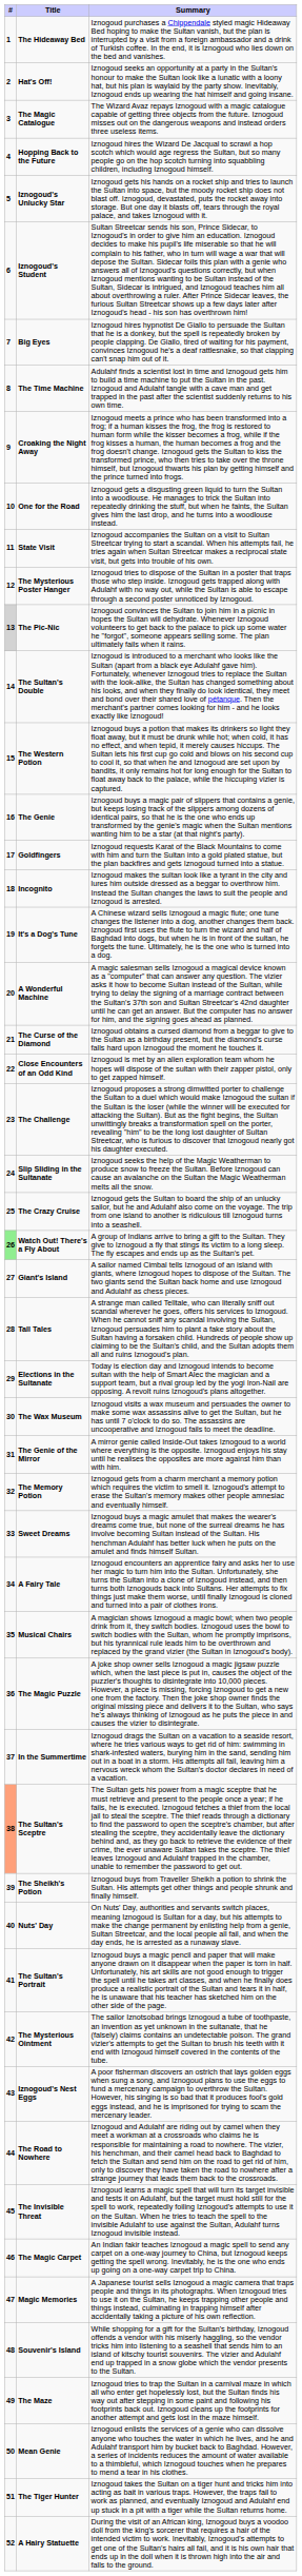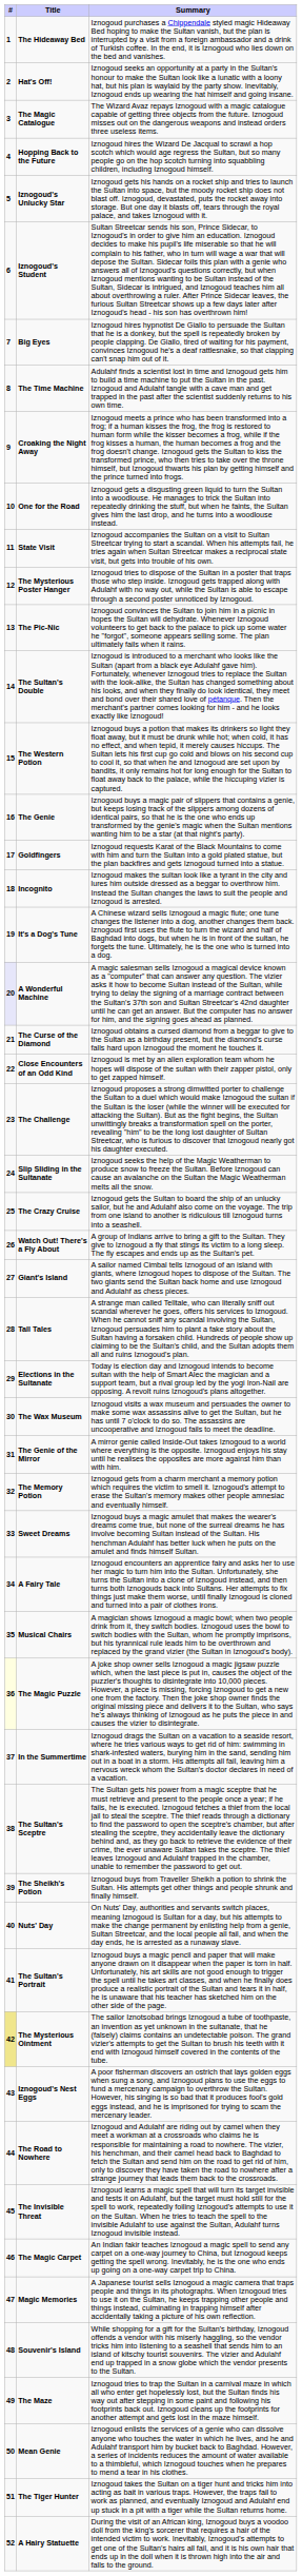 <table class="wikitable" style="width:99%;">
 <tr>
 <th style="background:#ccf; width:3%;"><strong>#</strong></th>
 <th style="background:#ccf; width:25%;"><strong>Title</strong></th>
 <th style="background:#ccf;"><strong>Summary</strong></th>
 </tr>
 <tr>
 <td><strong>1</strong></td>
 <td><strong>The Hideaway Bed</strong></td>
 <td>Iznogoud purchases a <a href='#'>Chippendale</a> styled magic Hideaway Bed hoping to make the Sultan vanish, but the plan is interrupted by a visit from a foreign ambassador and a drink of Turkish coffee. In the end, it is Iznogoud who lies down on the bed and vanishes.</td>
 </tr>
 <tr>
 <td><strong>2</strong></td>
 <td><strong>Hat's Off!</strong></td>
 <td>Iznogoud seeks an opportunity at a party in the Sultan's honour to make the Sultan look like a lunatic with a loony hat, but his plan is waylaid by the party show. Inevitably, Iznogoud ends up wearing the hat himself and going insane.</td>
 </tr>
 <tr>
 <td><strong>3</strong></td>
 <td><strong>The Magic Catalogue</strong></td>
 <td>The Wizard Avaz repays Iznogoud with a magic catalogue capable of getting three objects from the future. Iznogoud misses out on the dangerous weapons and instead orders three useless items.</td>
 </tr>
 <tr>
 <td><strong>4</strong></td>
 <td><strong>Hopping Back to the Future</strong></td>
 <td>Iznogoud hires the Wizard De Jacqual to scrawl a hop scotch which would age regress the Sultan, but so many people go on the hop scotch turning into squabbling children, including Iznogoud himself.</td>
 </tr>
 <tr>
 <td><strong>5</strong></td>
 <td><strong>Iznogoud's Unlucky Star</strong></td>
 <td>Iznogoud gets his hands on a rocket ship and tries to launch the Sultan into space, but the moody rocket ship does not blast off. Iznogoud, devastated, puts the rocket away into storage. But one day it blasts off, tears through the royal palace, and takes Iznogoud with it.</td>
 </tr>
 <tr>
 <td><strong>6</strong></td>
 <td><strong>Iznogoud's Student</strong></td>
 <td>Sultan Streetcar sends his son, Prince Sidecar, to Iznogoud's in order to give him an education. Iznogoud decides to make his pupil's life miserable so that he will complain to his father, who in turn will wage a war that will depose the Sultan. Sidecar foils this plan with a genie who answers all of Iznogoud's questions correctly, but when Iznogoud mentions wanting to be Sultan instead of the Sultan, Sidecar is intrigued, and Iznogoud teaches him all about overthrowing a ruler. After Prince Sidecar leaves, the furious Sultan Streetcar shows up a few days later after Iznogoud's head - his son has overthrown him!</td>
 </tr>
 <tr>
 <td><strong>7</strong></td>
 <td><strong>Big Eyes</strong></td>
 <td>Iznogoud hires hypnotist De Giallo to persuade the Sultan that he is a donkey, but the spell is repeatedly broken by people clapping. De Giallo, tired of waiting for his payment, convinces Iznogoud he's a deaf rattlesnake, so that clapping can't snap him out of it.</td>
 </tr>
 <tr>
 <td><strong>8</strong></td>
 <td><strong>The Time Machine</strong></td>
 <td>Adulahf finds a scientist lost in time and Iznogoud gets him to build a time machine to put the Sultan in the past. Iznogoud and Adulahf tangle with a cave man and get trapped in the past after the scientist suddenly returns to his own time.</td>
 </tr>
 <tr>
 <td><strong>9</strong></td>
 <td><strong>Croaking the Night Away</strong></td>
 <td>Iznogoud meets a prince who has been transformed into a frog; if a human kisses the frog, the frog is restored to human form while the kisser becomes a frog, while if the frog kisses a human, the human becomes a frog and the frog doesn't change. Iznogoud gets the Sultan to kiss the transformed prince, who then tries to take over the throne himself, but Iznogoud thwarts his plan by getting himself and the prince turned into frogs.</td>
 </tr>
 <tr>
 <td><strong>10</strong></td>
 <td><strong>One for the Road</strong></td>
 <td>Iznogoud gets a disgusting green liquid to turn the Sultan into a woodlouse. He manages to trick the Sultan into repeatedly drinking the stuff, but when he faints, the Sultan gives him the last drop, and he turns into a woodlouse instead.</td>
 </tr>
 <tr>
 <td><strong>11</strong></td>
 <td><strong>State Visit</strong></td>
 <td>Iznogoud accompanies the Sultan on a visit to Sultan Streetcar trying to start a scandal. When his attempts fail, he tries again when Sultan Streetcar makes a reciprocal state visit, but gets into trouble of his own.</td>
 </tr>
 <tr>
 <td><strong>12</strong></td>
 <td><strong>The Mysterious Poster Hanger</strong></td>
 <td>Iznogoud tries to dispose of the Sultan in a poster that traps those who step inside. Iznogoud gets trapped along with Adulahf with no way out, while the Sultan is able to escape through a second poster unnoticed by Iznogoud.</td>
 </tr>
 <tr>
-<td style="background: lightgrey;"><strong>13</strong></td>
+<td><strong>13</strong></td>
 <td><strong>The Pic-Nic</strong></td>
 <td>Iznogoud convinces the Sultan to join him in a picnic in hopes the Sultan will dehydrate. Whenever Iznogoud volunteers to get back to the palace to pick up some water he "forgot", someone appears selling some. The plan ultimately fails when it rains.</td>
 </tr>
 <tr>
 <td><strong>14</strong></td>
 <td><strong>The Sultan's Double</strong></td>
 <td>Iznogoud is introduced to a merchant who looks like the Sultan (apart from a black eye Adulahf gave him). Fortunately, whenever Iznogoud tries to replace the Sultan with the look-alike, the Sultan has changed something about his looks, and when they finally do look identical, they meet and bond over their shared love of <a href='#'>pétanque</a>. Then the merchant's partner comes looking for him - and he looks exactly like Iznogoud!</td>
 </tr>
 <tr>
 <td><strong>15</strong></td>
 <td><strong>The Western Potion</strong></td>
 <td>Iznogoud buys a potion that makes its drinkers so light they float away, but it must be drunk while hot; when cold, it has no effect, and when tepid, it merely causes hiccups. The Sultan lets his first cup go cold and blows on his second cup to cool it, so that when he and Iznogoud are set upon by bandits, it only remains hot for long enough for the Sultan to float away back to the palace, while the hiccuping vizier is captured.</td>
 </tr>
 <tr>
 <td><strong>16</strong></td>
 <td><strong>The Genie</strong></td>
 <td>Iznogoud buys a magic pair of slippers that contains a genie, but keeps losing track of the slippers among dozens of identical pairs, so that he is the one who ends up transformed by the genie's magic when the Sultan mentions wanting him to be a star (at that night's party).</td>
 </tr>
 <tr>
 <td><strong>17</strong></td>
 <td><strong>Goldfingers</strong></td>
 <td>Iznogoud requests Karat of the Black Mountains to come with him and turn the Sultan into a gold plated statue, but the plan backfires and gets Iznogoud turned into a statue.</td>
 </tr>
 <tr>
 <td><strong>18</strong></td>
 <td><strong>Incognito</strong></td>
 <td>Iznogoud makes the sultan look like a tyrant in the city and lures him outside dressed as a beggar to overthrow him. Instead the Sultan changes the laws to suit the people and Iznogoud is arrested.</td>
 </tr>
 <tr>
 <td><strong>19</strong></td>
 <td><strong>It's a Dog's Tune</strong></td>
 <td>A Chinese wizard sells Iznogoud a magic flute; one tune changes the listener into a dog, another changes them back. Iznogoud first uses the flute to turn the wizard and half of Baghdad into dogs, but when he is in front of the sultan, he forgets the tune. Ultimately, he is the one who is turned into a dog.</td>
 </tr>
 <tr>
-<td><strong>20</strong></td>
+<td style="background: lavender;"><strong>20</strong></td>
 <td><strong>A Wonderful Machine</strong></td>
 <td>A magic salesman sells Iznogoud a magical device known as a "computer" that can answer any question. The vizier asks it how to become Sultan instead of the Sultan, while trying to delay the signing of a marriage contract between the Sultan's 37th son and Sultan Streetcar's 42nd daughter until he can get an answer. But the computer has no answer for him, and the signing goes ahead as planned.</td>
 </tr>
 <tr>
 <td><strong>21</strong></td>
 <td><strong>The Curse of the Diamond</strong></td>
 <td>Iznogoud obtains a cursed diamond from a beggar to give to the Sultan as a birthday present, but the diamond's curse falls hard upon Iznogoud the moment he touches it.</td>
 </tr>
 <tr>
 <td><strong>22</strong></td>
 <td><strong>Close Encounters of an Odd Kind</strong></td>
 <td>Iznogoud is met by an alien exploration team whom he hopes will dispose of the sultan with their zapper pistol, only to get zapped himself.</td>
 </tr>
 <tr>
 <td><strong>23</strong></td>
 <td><strong>The Challenge</strong></td>
 <td>Iznogoud proposes a strong dimwitted porter to challenge the Sultan to a duel which would make Iznogoud the sultan if the Sultan is the loser (while the winner will be executed for attacking the Sultan). But as the fight begins, the Sultan unwittingly breaks a transformation spell on the porter, revealing "him" to be the long lost daughter of Sultan Streetcar, who is furious to discover that Iznogoud nearly got his daughter executed.</td>
 </tr>
 <tr>
 <td><strong>24</strong></td>
 <td><strong>Slip Sliding in the Sultanate</strong></td>
 <td>Iznogoud seeks the help of the Magic Weatherman to produce snow to freeze the Sultan. Before Iznogoud can cause an avalanche on the Sultan the Magic Weatherman melts all the snow.</td>
 </tr>
 <tr>
 <td><strong>25</strong></td>
 <td><strong>The Crazy Cruise</strong></td>
 <td>Iznogoud gets the Sultan to board the ship of an unlucky sailor, but he and Adulahf also come on the voyage. The trip from one island to another is ridiculous till Iznogoud turns into a seashell.</td>
 </tr>
 <tr>
-<td style="background: lightgreen;"><strong>26</strong></td>
+<td><strong>26</strong></td>
 <td><strong>Watch Out! There's a Fly About</strong></td>
 <td>A group of Indians arrive to bring a gift to the Sultan. They give to Iznogoud a fly that stings its victim to a long sleep. The fly escapes and ends up as the Sultan's pet.</td>
 </tr>
 <tr>
 <td><strong>27</strong></td>
 <td><strong>Giant's Island</strong></td>
 <td>A sailor named Cimbal tells Iznogoud of an island with giants, where Iznogoud hopes to dispose of the Sultan. The two giants send the Sultan back home and use Iznogoud and Adulahf as chess pieces.</td>
 </tr>
 <tr>
 <td><strong>28</strong></td>
 <td><strong>Tall Tales</strong></td>
 <td>A strange man called Telltale, who can literally sniff out scandal wherever he goes, offers his services to Iznogoud. When he cannot sniff any scandal involving the Sultan, Iznogoud persuades him to plant a fake story about the Sultan having a forsaken child. Hundreds of people show up claiming to be the Sultan's child, and the Sultan adopts them all and ruins Iznogoud's plan.</td>
 </tr>
 <tr>
 <td><strong>29</strong></td>
 <td><strong>Elections in the Sultanate</strong></td>
 <td>Today is election day and Iznogoud intends to become sultan with the help of Smart Alec the magician and a support team, but a rival group led by the yogi Iron-Nail are opposing. A revolt ruins Iznogoud's plans altogether.</td>
 </tr>
 <tr>
 <td><strong>30</strong></td>
 <td><strong>The Wax Museum</strong></td>
 <td>Iznogoud visits a wax museum and persuades the owner to make some wax assassins alive to get the Sultan, but he has until 7 o'clock to do so. The assassins are uncooperative and Iznogoud fails to meet the deadline.</td>
 </tr>
 <tr>
 <td><strong>31</strong></td>
 <td><strong>The Genie of the Mirror</strong></td>
 <td>A mirror genie called Inside-Out takes Iznogoud to a world where everything is the opposite. Iznogoud enjoys his stay until he realises the opposites are more against him than with him.</td>
 </tr>
 <tr>
 <td><strong>32</strong></td>
 <td><strong>The Memory Potion</strong></td>
 <td>Iznogoud gets from a charm merchant a memory potion which requires the victim to smell it. Iznogoud's attempt to erase the Sultan's memory makes other people amnesiac and eventually himself.</td>
 </tr>
 <tr>
 <td><strong>33</strong></td>
 <td><strong>Sweet Dreams</strong></td>
 <td>Iznogoud buys a magic amulet that makes the wearer's dreams come true, but none of the surreal dreams he has involve becoming Sultan instead of the Sultan. His henchman Adulahf has better luck when he puts on the amulet and finds himself Sultan.</td>
 </tr>
 <tr>
 <td><strong>34</strong></td>
 <td><strong>A Fairy Tale</strong></td>
 <td>Iznogoud encounters an apprentice fairy and asks her to use her magic to turn him into the Sultan. Unfortunately, she turns the Sultan into a clone of Iznogoud instead, and then turns both Iznogouds back into Sultans. Her attempts to fix things just make them worse, until finally Iznogoud is cloned and turned into a pair of clothes irons.</td>
 </tr>
 <tr>
 <td><strong>35</strong></td>
 <td><strong>Musical Chairs</strong></td>
 <td>A magician shows Iznogoud a magic bowl; when two people drink from it, they switch bodies. Iznogoud uses the bowl to switch bodies with the Sultan, whom he promptly imprisons, but his tyrannical rule leads him to be overthrown and replaced by the grand vizier (the Sultan in Iznogoud's body).</td>
 </tr>
 <tr>
-<td><strong>36</strong></td>
+<td style="background: lightyellow;"><strong>36</strong></td>
 <td><strong>The Magic Puzzle</strong></td>
 <td>A joke shop owner sells Iznogoud a magic jigsaw puzzle which, when the last piece is put in, causes the object of the puzzler's thoughts to disintegrate into 10,000 pieces. However, a piece is missing, forcing Iznogoud to get a new one from the factory. Then the joke shop owner finds the original missing piece and delivers it to the Sultan, who says he's always thinking of Iznogoud as he puts the piece in and causes the vizier to disintegrate.</td>
 </tr>
 <tr>
 <td><strong>37</strong></td>
 <td><strong>In the Summertime</strong></td>
 <td>Iznogoud drags the Sultan on a vacation to a seaside resort, where he tries various ways to get rid of him: swimming in shark-infested waters, burying him in the sand, sending him out in a boat in a storm. His attempts all fail, leaving him a nervous wreck whom the Sultan's doctor declares in need of a vacation.</td>
 </tr>
 <tr>
-<td style="background: lightsalmon;"><strong>38</strong></td>
+<td><strong>38</strong></td>
 <td><strong>The Sultan's Sceptre</strong></td>
 <td>The Sultan gets his power from a magic sceptre that he must retrieve and present to the people once a year; if he fails, he is executed. Iznogoud fetches a thief from the local jail to steal the sceptre. The thief reads through a dictionary to find the password to open the sceptre's chamber, but after stealing the sceptre, they accidentally leave the dictionary behind and, as they go back to retrieve the evidence of their crime, the ever unaware Sultan takes the sceptre. The thief leaves Iznogoud and Adulahf trapped in the chamber, unable to remember the password to get out.</td>
 </tr>
 <tr>
 <td><strong>39</strong></td>
 <td><strong>The Sheikh's Potion</strong></td>
 <td>Iznogoud buys from Traveller Sheikh a potion to shrink the Sultan. His attempts get other things and people shrunk and finally himself.</td>
 </tr>
 <tr>
 <td><strong>40</strong></td>
 <td><strong>Nuts' Day</strong></td>
 <td>On Nuts' Day, authorities and servants switch places, meaning Iznogoud is Sultan for a day, but his attempts to make the change permanent by enlisting help from a genie, Sultan Streetcar, and the local people all fail, and when the day ends, he is arrested as a runaway slave.</td>
 </tr>
 <tr>
 <td><strong>41</strong></td>
 <td><strong>The Sultan's Portrait</strong></td>
 <td>Iznogoud buys a magic pencil and paper that will make anyone drawn on it disappear when the paper is torn in half. Unfortunately, his art skills are not good enough to trigger the spell until he takes art classes, and when he finally does produce a realistic portrait of the Sultan and tears it in half, he is unaware that his teacher has sketched him on the other side of the page.</td>
 </tr>
 <tr>
-<td><strong>42</strong></td>
+<td style="background: khaki;"><strong>42</strong></td>
 <td><strong>The Mysterious Ointment</strong></td>
 <td>The sailor Iznotsobad brings Iznogoud a tube of toothpaste, an invention as yet unknown in the sultanate, that he (falsely) claims contains an undetectable poison. The grand vizier's attempts to get the Sultan to brush his teeth with it end with Iznogoud himself covered in the contents of the tube.</td>
 </tr>
 <tr>
 <td><strong>43</strong></td>
 <td><strong>Iznogoud's Nest Eggs</strong></td>
 <td>A poor fisherman discovers an ostrich that lays golden eggs when sung a song, and Iznogoud plans to use the eggs to fund a mercenary campaign to overthrow the Sultan. However, his singing is so bad that it produces fool's gold eggs instead, and he is imprisoned for trying to scam the mercenary leader.</td>
 </tr>
 <tr>
 <td><strong>44</strong></td>
 <td><strong>The Road to Nowhere</strong></td>
 <td>Iznogoud and Adulahf are riding out by camel when they meet a workman at a crossroads who claims he is responsible for maintaining a road to nowhere. The vizier, his henchman, and their camel head back to Baghdad to fetch the Sultan and send him on the road to get rid of him, only to discover they have taken the road to nowhere after a strange journey that leads them back to the crossroads.</td>
 </tr>
 <tr>
 <td><strong>45</strong></td>
 <td><strong>The Invisible Threat</strong></td>
 <td>Iznogoud learns a magic spell that will turn its target invisible and tests it on Adulahf, but the target must hold still for the spell to work, repeatedly foiling Iznogoud's attempts to use it on the Sultan. When he tries to teach the spell to the invisible Adulahf to use against the Sultan, Adulahf turns Iznogoud invisible instead.</td>
 </tr>
 <tr>
 <td><strong>46</strong></td>
 <td><strong>The Magic Carpet</strong></td>
 <td>An Indian fakir teaches Iznogoud a magic spell to send any carpet on a one-way journey to China, but Iznogoud keeps getting the spell wrong. Inevitably, he is the one who ends up going on a one-way carpet trip to China.</td>
 </tr>
 <tr>
 <td><strong>47</strong></td>
 <td><strong>Magic Memories</strong></td>
 <td>A Japanese tourist sells Iznogoud a magic camera that traps people and things in its photographs. When Iznogoud tries to use it on the Sultan, he keeps trapping other people and things instead, culminating in trapping himself after accidentally taking a picture of his own reflection.</td>
 </tr>
 <tr>
 <td><strong>48</strong></td>
 <td><strong>Souvenir's Island</strong></td>
 <td>While shopping for a gift for the Sultan's birthday, Iznogoud offends a vendor with his miserly haggling, so the vendor tricks him into listening to a seashell that sends him to an island of kitschy tourist souvenirs. The vizier and Adulahf end up trapped in a snow globe which the vendor presents to the Sultan.</td>
 </tr>
 <tr>
 <td><strong>49</strong></td>
 <td><strong>The Maze</strong></td>
 <td>Iznogoud tries to trap the Sultan in a carnival maze in which all who enter get hopelessly lost, but the Sultan finds his way out after stepping in some paint and following his footprints back out. Iznogoud cleans up the footprints for another attempt and gets lost in the maze himself.</td>
 </tr>
 <tr>
 <td><strong>50</strong></td>
 <td><strong>Mean Genie</strong></td>
 <td>Iznogoud enlists the services of a genie who can dissolve anyone who touches the water in which he lives, and he and Adulahf transport him by bucket back to Baghdad. However, a series of incidents reduces the amount of water available to a thimbleful, which Iznogoud touches when he prepares to mend a tear in his clothes.</td>
 </tr>
 <tr>
 <td><strong>51</strong></td>
 <td><strong>The Tiger Hunter</strong></td>
 <td>Iznogoud takes the Sultan on a tiger hunt and tricks him into acting as bait in various traps. However, the traps fail to work as planned, and eventually Iznogoud and Adulahf end up stuck in a pit with a tiger while the Sultan returns home.</td>
 </tr>
 <tr>
 <td><strong>52</strong></td>
 <td><strong>A Hairy Statuette</strong></td>
 <td>During the visit of an African king, Iznogoud buys a voodoo doll from the king's sorcerer that requires a hair of the intended victim to work. Inevitably, Iznogoud's attempts to get one of the Sultan's hairs all fail, and it is his own hair that ends up in the doll when it is thrown high into the air and falls to the ground.</td>
 </tr>
 </table>
